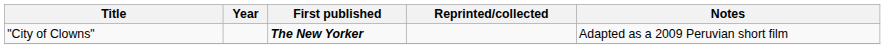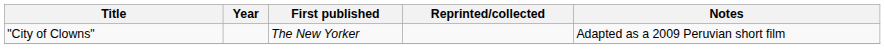 <table class='wikitable sortable' width='90%'>
 <tr>
 <th width=25%>Title</th>
 <th>Year</th>
 <th>First published</th>
 <th>Reprinted/collected</th>
 <th>Notes</th>
 </tr>
 <tr>
 <td>"City of Clowns"</td>
 <td></td>
-<td><strong><em>The New Yorker</em></strong></td>
+<td><em>The New Yorker</em></td>
 <td></td>
 <td>Adapted as a 2009 Peruvian short film</td>
 </tr>
 <tr>
 </tr>
 </table>
